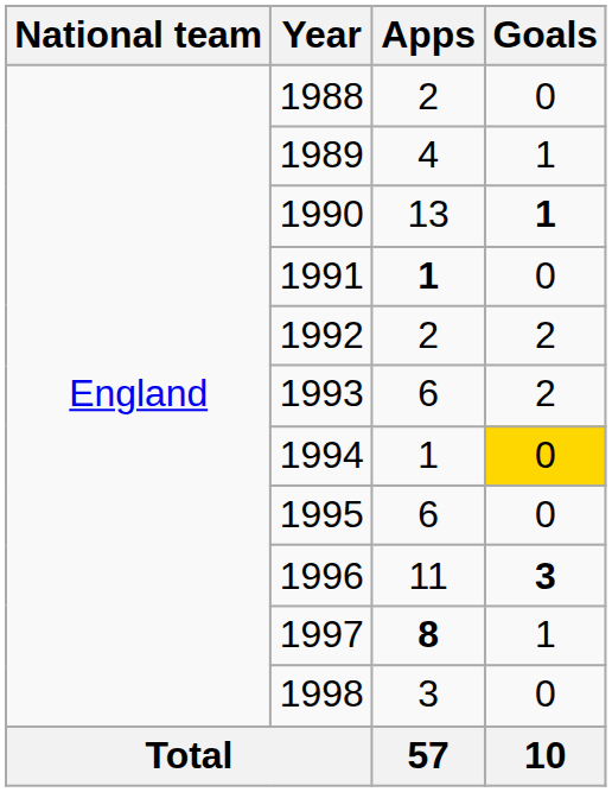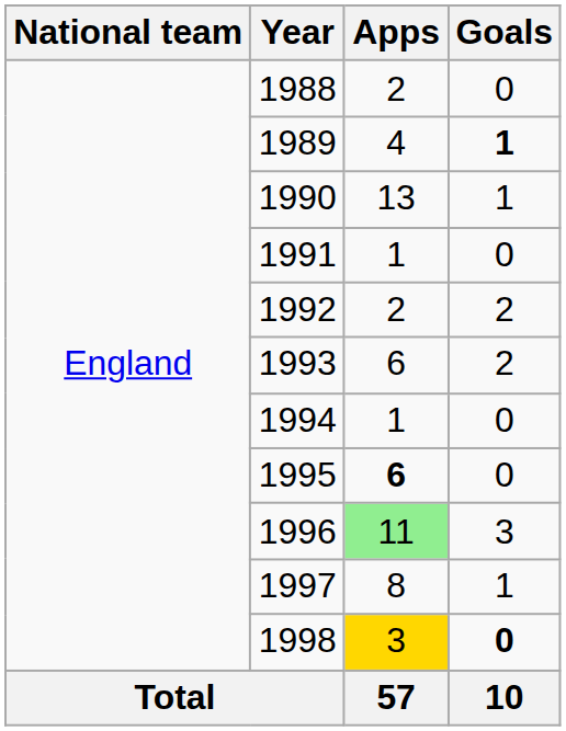 <table class="wikitable" style="text-align: center;">
 <tr>
 <th>National team</th>
 <th>Year</th>
 <th>Apps</th>
 <th>Goals</th>
 </tr>
 <tr>
 <td rowspan="11"><a href='#'>England</a></td>
 <td>1988</td>
 <td>2</td>
 <td>0</td>
 </tr>
 <tr>
 <td>1989</td>
 <td>4</td>
-<td>1</td>
+<td><strong>1</strong></td>
 </tr>
 <tr>
 <td>1990</td>
 <td>13</td>
-<td><strong>1</strong></td>
+<td>1</td>
 </tr>
 <tr>
 <td>1991</td>
-<td><strong>1</strong></td>
+<td>1</td>
 <td>0</td>
 </tr>
 <tr>
 <td>1992</td>
 <td>2</td>
 <td>2</td>
 </tr>
 <tr>
 <td>1993</td>
 <td>6</td>
 <td>2</td>
 </tr>
 <tr>
 <td>1994</td>
 <td>1</td>
-<td style="background: gold;">0</td>
+<td>0</td>
 </tr>
 <tr>
 <td>1995</td>
-<td>6</td>
+<td><strong>6</strong></td>
 <td>0</td>
 </tr>
 <tr>
 <td>1996</td>
-<td>11</td>
-<td><strong>3</strong></td>
+<td style="background: lightgreen;">11</td>
+<td>3</td>
 </tr>
 <tr>
 <td>1997</td>
-<td><strong>8</strong></td>
+<td>8</td>
 <td>1</td>
 </tr>
 <tr>
 <td>1998</td>
-<td>3</td>
-<td>0</td>
+<td style="background: gold;">3</td>
+<td><strong>0</strong></td>
 </tr>
 <tr>
 <th colspan="2">Total</th>
 <th>57</th>
 <th>10</th>
 </tr>
 </table>
